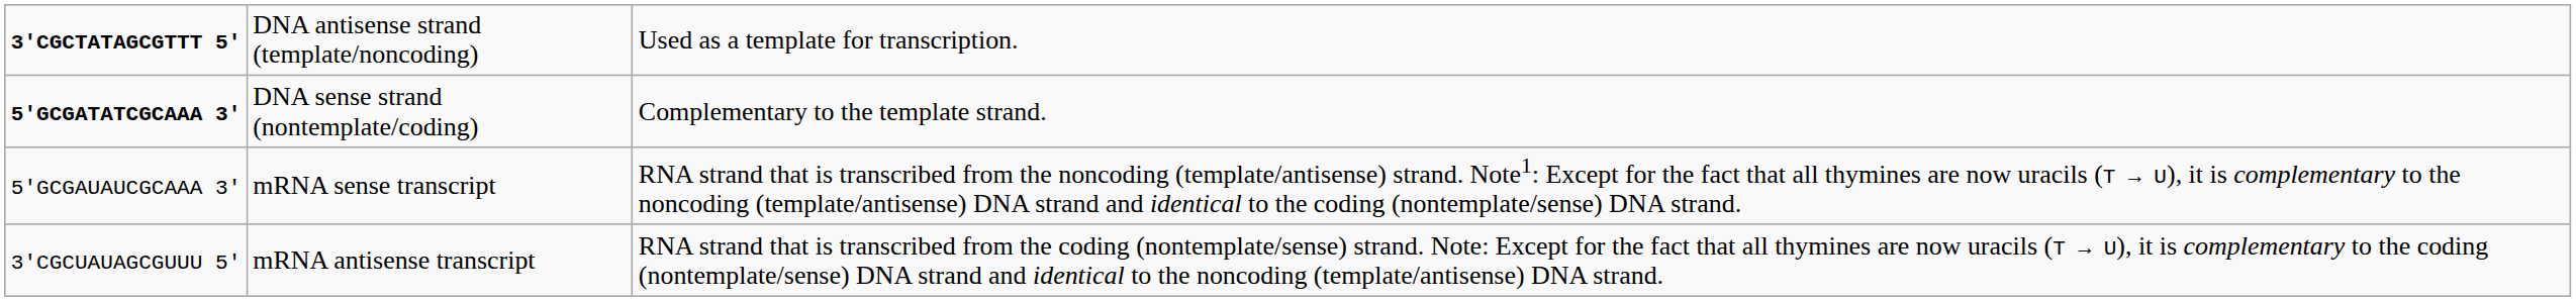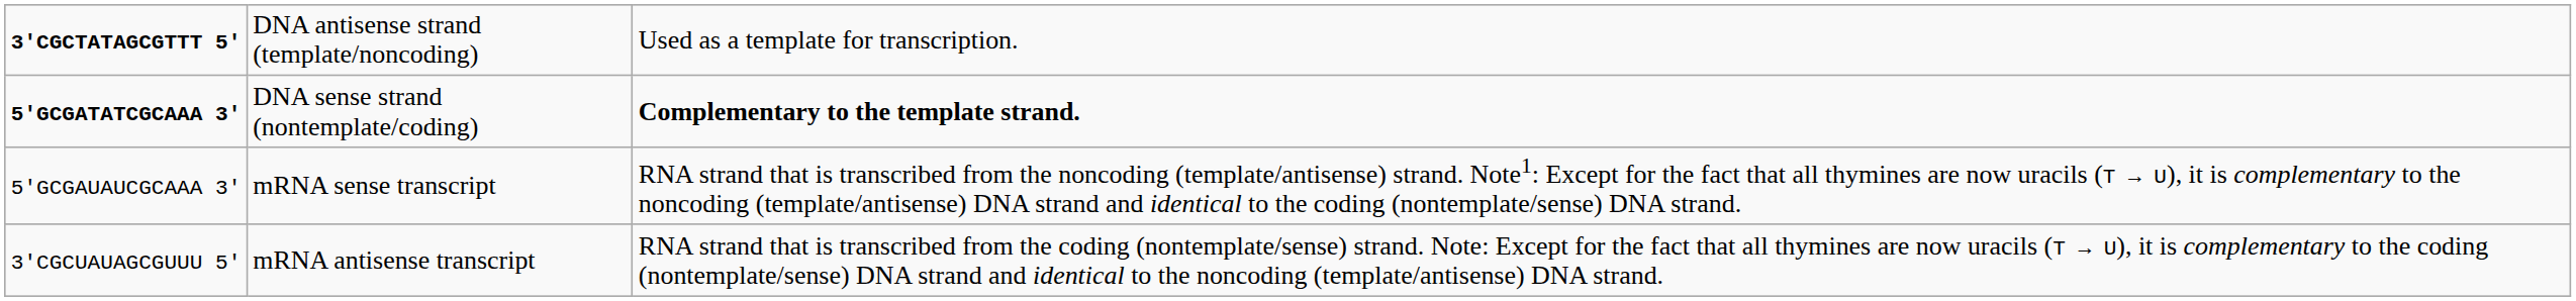 <table class="wikitable">
 <tr>
 <td><span><strong><code>3′CGCTATAGCGTTT 5′</code></strong></span></td>
 <td><span>DNA antisense strand</span> (template/noncoding)</td>
 <td>Used as a template for transcription.</td>
 </tr>
 <tr>
 <td><span><strong><code>5′GCGATATCGCAAA 3′</code></strong></span></td>
 <td><span>DNA sense strand</span> (nontemplate/coding)</td>
-<td>Complementary to the template strand.</td>
+<td><strong>Complementary to the template strand.</strong></td>
 </tr>
 <tr>
 <td><span><code>5′GCGAUAUCGCAAA 3′</code></span></td>
 <td>mRNA sense transcript</td>
 <td>RNA strand that is transcribed from the noncoding (template/antisense) strand. Note<sup>1</sup>: Except for the fact that all thymines are now uracils (<code>T → U</code>), it is <em>complementary</em> to the noncoding (template/antisense) DNA strand and <em>identical</em> to the coding (nontemplate/sense) DNA strand.</td>
 </tr>
 <tr>
 <td><span><code>3′CGCUAUAGCGUUU 5′</code></span></td>
 <td>mRNA antisense transcript</td>
 <td>RNA strand that is transcribed from the coding (nontemplate/sense) strand. Note: Except for the fact that all thymines are now uracils (<code>T → U</code>), it is <em>complementary</em> to the coding (nontemplate/sense) DNA strand and <em>identical</em> to the noncoding (template/antisense) DNA strand.</td>
 </tr>
 </table>
